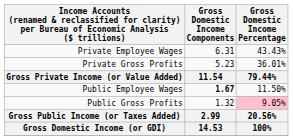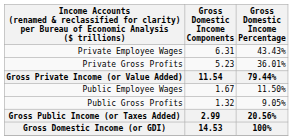 <table class="wikitable" style="text-align:right; margin-right:60px">
 <tr>
 <th>Income Accounts<br>(renamed & reclassified for clarity)<br>per Bureau of Economic Analysis<br>($ trillions)</th>
 <th>Gross<br>Domestic<br>Income<br>Components</th>
 <th>Gross<br>Domestic<br>Income<br>Percentage</th>
 </tr>
 <tr>
 <td>Private Employee Wages</td>
 <td>6.31</td>
 <td>43.43%</td>
 </tr>
 <tr>
 <td>Private Gross Profits</td>
 <td>5.23</td>
 <td>36.01%</td>
 </tr>
 <tr>
 <th>Gross Private Income (or Value Added)</th>
 <th>11.54</th>
 <th>79.44%</th>
 </tr>
 <tr>
 <td>Public Employee Wages</td>
-<td><strong>1.67</strong></td>
+<td>1.67</td>
 <td>11.50%</td>
 </tr>
 <tr>
 <td>Public Gross Profits</td>
 <td>1.32</td>
-<td style="background: pink;">9.05%</td>
+<td>9.05%</td>
 </tr>
 <tr>
 <th>Gross Public Income (or Taxes Added)</th>
 <th>2.99</th>
 <th>20.56%</th>
 </tr>
 <tr>
 <th>Gross Domestic Income (or GDI)</th>
 <th>14.53</th>
 <th>100%</th>
 </tr>
 <tr>
 </tr>
 </table>
